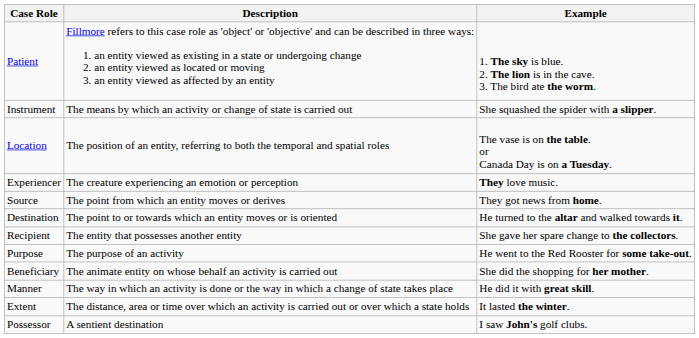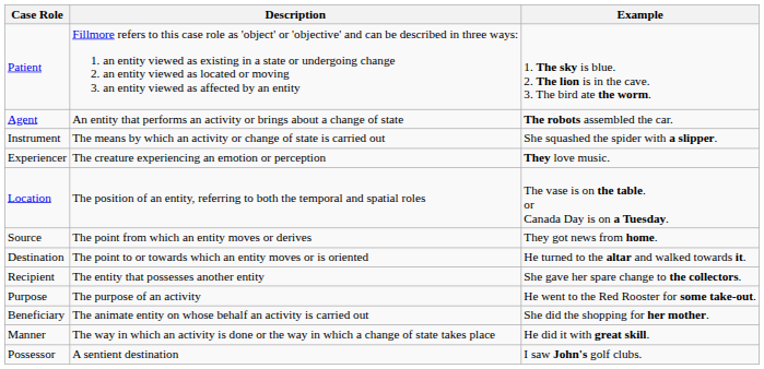 <table class="wikitable">
 <tr>
 <th>Case Role</th>
 <th>Description</th>
 <th>Example</th>
 </tr>
 <tr>
 <td><a href='#'>Patient</a></td>
 <td><a href='#'>Fillmore</a> refers to this case role as 'object' or 'objective' and can be described in three ways:<br><ol><li>an entity viewed as existing in a state or undergoing change</li><li>an entity viewed as located or moving</li><li>an entity viewed as affected by an entity</li></ol></td>
 <td><br><br>1. <strong>The sky</strong> is blue.<br>2. <strong>The lion</strong> is in the cave.<br>3. The bird ate <strong>the worm</strong>.</td>
 </tr>
 <tr>
+<td><a href='#'>Agent</a></td>
+<td>An entity that performs an activity or brings about a change of state</td>
+<td><strong>The robots</strong> assembled the car.</td>
+</tr>
+<tr>
 <td>Instrument</td>
 <td>The means by which an activity or change of state is carried out</td>
 <td>She squashed the spider with <strong>a slipper</strong>.</td>
 </tr>
 <tr>
+<td>Experiencer</td>
+<td>The creature experiencing an emotion or perception</td>
+<td><strong>They</strong> love music.</td>
+</tr>
+<tr>
 <td><a href='#'>Location</a></td>
 <td>The position of an entity, referring to both the temporal and spatial roles</td>
 <td><br>The vase is on <strong>the table</strong>. <br>or <br>Canada Day is on <strong>a Tuesday</strong>.</td>
-</tr>
-<tr>
-<td>Experiencer</td>
-<td>The creature experiencing an emotion or perception</td>
-<td><strong>They</strong> love music.</td>
 </tr>
 <tr>
 <td>Source</td>
 <td>The point from which an entity moves or derives</td>
 <td>They got news from <strong>home</strong>.</td>
 </tr>
 <tr>
 <td>Destination</td>
 <td>The point to or towards which an entity moves or is oriented</td>
 <td>He turned to the <strong>altar</strong> and walked towards <strong>it</strong>.</td>
 </tr>
 <tr>
 <td>Recipient</td>
 <td>The entity that possesses another entity</td>
 <td>She gave her spare change to <strong>the collectors</strong>.</td>
 </tr>
 <tr>
 <td>Purpose</td>
 <td>The purpose of an activity</td>
 <td>He went to the Red Rooster for <strong>some take-out</strong>.</td>
 </tr>
 <tr>
 <td>Beneficiary</td>
 <td>The animate entity on whose behalf an activity is carried out</td>
 <td>She did the shopping for <strong>her mother</strong>.</td>
 </tr>
 <tr>
 <td>Manner</td>
 <td>The way in which an activity is done or the way in which a change of state takes place</td>
 <td>He did it with <strong>great skill</strong>.</td>
 </tr>
 <tr>
-<td>Extent</td>
-<td>The distance, area or time over which an activity is carried out or over which a state holds</td>
-<td>It lasted <strong>the winter</strong>.</td>
-</tr>
-<tr>
 <td>Possessor</td>
 <td>A sentient destination</td>
 <td>I saw <strong>John's</strong> golf clubs.</td>
 </tr>
 </table>
